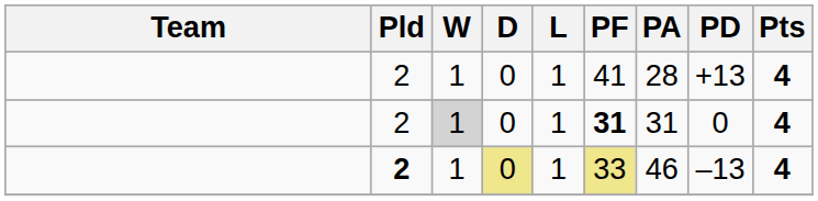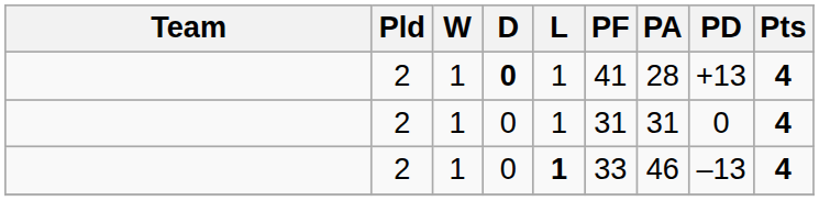 <table class="wikitable" style="text-align:center;">
 <tr>
 <th width=190>Team</th>
 <th width=20 abbr="Played">Pld</th>
 <th width=20 abbr="Won">W</th>
 <th width=20 abbr="Drawn">D</th>
 <th width=20 abbr="Lost">L</th>
 <th width=20 abbr="Points for">PF</th>
 <th width=20 abbr="Points against">PA</th>
 <th width=25 abbr="Points difference">PD</th>
 <th width=20 abbr="Points">Pts</th>
 </tr>
 <tr>
 <td align=left></td>
 <td>2</td>
 <td>1</td>
-<td>0</td>
+<td><strong>0</strong></td>
 <td>1</td>
 <td>41</td>
 <td>28</td>
 <td>+13</td>
 <td><strong>4</strong></td>
 </tr>
 <tr>
 <td align=left></td>
 <td>2</td>
-<td style="background: lightgrey;">1</td>
+<td>1</td>
 <td>0</td>
 <td>1</td>
-<td><strong>31</strong></td>
+<td>31</td>
 <td>31</td>
 <td>0</td>
 <td><strong>4</strong></td>
 </tr>
 <tr>
 <td align=left></td>
-<td><strong>2</strong></td>
+<td>2</td>
 <td>1</td>
-<td style="background: khaki;">0</td>
-<td>1</td>
-<td style="background: khaki;">33</td>
+<td>0</td>
+<td><strong>1</strong></td>
+<td>33</td>
 <td>46</td>
 <td>–13</td>
 <td><strong>4</strong></td>
 </tr>
 <tr>
 </tr>
 </table>
